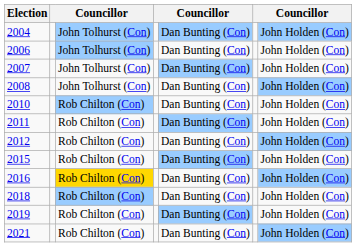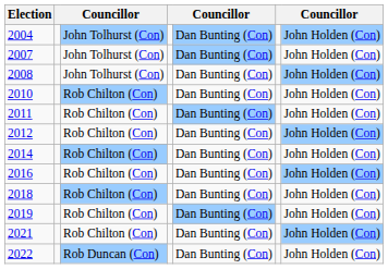 <table class="wikitable">
 <tr>
 <th>Election</th>
 <th colspan="2">Councillor</th>
 <th colspan="2">Councillor</th>
 <th colspan="2">Councillor</th>
 </tr>
 <tr>
 <td><a href='#'>2004</a></td>
 <td style="background-color: "></td>
 <td bgcolor="#99CCFF">John Tolhurst (<a href='#'>Con</a>)</td>
 <td style="background-color: "></td>
 <td bgcolor="#99CCFF">Dan Bunting (<a href='#'>Con</a>)</td>
 <td style="background-color: "></td>
 <td bgcolor="#99CCFF">John Holden (<a href='#'>Con</a>)</td>
-</tr>
-<tr>
-<td><a href='#'>2006</a></td>
-<td style="background-color: "></td>
-<td bgcolor="#99CCFF">John Tolhurst (<a href='#'>Con</a>)</td>
-<td style="background-color: "></td>
-<td>Dan Bunting (<a href='#'>Con</a>)</td>
-<td style="background-color: "></td>
-<td>John Holden (<a href='#'>Con</a>)</td>
 </tr>
 <tr>
 <td><a href='#'>2007</a></td>
 <td style="background-color: "></td>
 <td>John Tolhurst (<a href='#'>Con</a>)</td>
 <td style="background-color: "></td>
 <td bgcolor="#99CCFF">Dan Bunting (<a href='#'>Con</a>)</td>
 <td style="background-color: "></td>
 <td>John Holden (<a href='#'>Con</a>)</td>
 </tr>
 <tr>
 <td><a href='#'>2008</a></td>
 <td style="background-color: "></td>
 <td>John Tolhurst (<a href='#'>Con</a>)</td>
 <td style="background-color: "></td>
 <td>Dan Bunting (<a href='#'>Con</a>)</td>
 <td style="background-color: "></td>
 <td bgcolor="#99CCFF">John Holden (<a href='#'>Con</a>)</td>
 </tr>
 <tr>
 <td><a href='#'>2010</a></td>
 <td style="background-color: "></td>
 <td bgcolor="#99CCFF">Rob Chilton (<a href='#'>Con</a>)</td>
 <td style="background-color: "></td>
 <td>Dan Bunting (<a href='#'>Con</a>)</td>
 <td style="background-color: "></td>
 <td>John Holden (<a href='#'>Con</a>)</td>
 </tr>
 <tr>
 <td><a href='#'>2011</a></td>
 <td style="background-color: "></td>
 <td>Rob Chilton (<a href='#'>Con</a>)</td>
 <td style="background-color: "></td>
 <td bgcolor="#99CCFF">Dan Bunting (<a href='#'>Con</a>)</td>
 <td style="background-color: "></td>
 <td>John Holden (<a href='#'>Con</a>)</td>
 </tr>
 <tr>
 <td><a href='#'>2012</a></td>
 <td style="background-color: "></td>
 <td>Rob Chilton (<a href='#'>Con</a>)</td>
 <td style="background-color: "></td>
 <td>Dan Bunting (<a href='#'>Con</a>)</td>
 <td style="background-color: "></td>
 <td bgcolor="#99CCFF">John Holden (<a href='#'>Con</a>)</td>
 </tr>
 <tr>
-<td><a href='#'>2015</a></td>
+<td><a href='#'>2014</a></td>
 <td style="background-color: "></td>
-<td>Rob Chilton (<a href='#'>Con</a>)</td>
+<td bgcolor="#99CCFF">Rob Chilton (<a href='#'>Con</a>)</td>
 <td style="background-color: "></td>
-<td bgcolor="#99CCFF">Dan Bunting (<a href='#'>Con</a>)</td>
+<td>Dan Bunting (<a href='#'>Con</a>)</td>
 <td style="background-color: "></td>
 <td>John Holden (<a href='#'>Con</a>)</td>
 </tr>
 <tr>
 <td><a href='#'>2016</a></td>
 <td style="background-color: "></td>
-<td style="background: gold;">Rob Chilton (<a href='#'>Con</a>)</td>
+<td>Rob Chilton (<a href='#'>Con</a>)</td>
 <td style="background-color: "></td>
 <td>Dan Bunting (<a href='#'>Con</a>)</td>
 <td style="background-color: "></td>
 <td bgcolor="#99CCFF">John Holden (<a href='#'>Con</a>)</td>
 </tr>
 <tr>
 <td><a href='#'>2018</a></td>
 <td style="background-color: "></td>
 <td bgcolor="#99CCFF">Rob Chilton (<a href='#'>Con</a>)</td>
 <td style="background-color: "></td>
 <td>Dan Bunting (<a href='#'>Con</a>)</td>
 <td style="background-color: "></td>
 <td>John Holden (<a href='#'>Con</a>)</td>
 </tr>
 <tr>
 <td><a href='#'>2019</a></td>
 <td style="background-color: "></td>
 <td>Rob Chilton (<a href='#'>Con</a>)</td>
 <td style="background-color: "></td>
 <td bgcolor="#99CCFF">Dan Bunting (<a href='#'>Con</a>)</td>
 <td style="background-color: "></td>
 <td>John Holden (<a href='#'>Con</a>)</td>
 </tr>
 <tr>
 <td><a href='#'>2021</a></td>
 <td style="background-color: "></td>
 <td>Rob Chilton (<a href='#'>Con</a>)</td>
 <td style="background-color: "></td>
 <td>Dan Bunting (<a href='#'>Con</a>)</td>
 <td style="background-color: "></td>
 <td bgcolor="#99CCFF">John Holden (<a href='#'>Con</a>)</td>
 </tr>
+<tr>
+<td><a href='#'>2022</a></td>
+<td style="background-color: "></td>
+<td bgcolor="#99CCFF">Rob Duncan (<a href='#'>Con</a>)</td>
+<td style="background-color: "></td>
+<td>Dan Bunting (<a href='#'>Con</a>)</td>
+<td style="background-color: "></td>
+<td>John Holden (<a href='#'>Con</a>)</td>
+</tr>
 </table>
